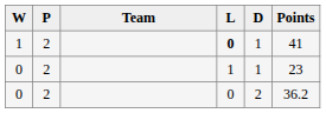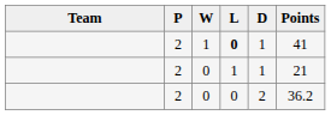 <table style=border-collapse:collapse border=1 cellspacing=0 cellpadding=5>
 <tr align=center bgcolor=#efefef>
+<th width=165>Team</th>
+<th width=20>P</th>
 <th width=20>W</th>
-<th width=20>P</th>
-<th width=165>Team</th>
 <th width=20>L</th>
 <th width=20>D</th>
 <th width=20>Points</th>
 </tr>
 <tr align=center style="background:#f5f5f5;">
+<td style="text-align:left;"></td>
+<td>2</td>
 <td>1</td>
-<td>2</td>
-<td style="text-align:left;"></td>
 <td><strong>0</strong></td>
 <td>1</td>
 <td>41</td>
 </tr>
 <tr align=center style="background:#f5f5f5;">
+<td style="text-align:left;"></td>
+<td>2</td>
 <td>0</td>
-<td>2</td>
-<td style="text-align:left;"></td>
 <td>1</td>
 <td>1</td>
-<td>23</td>
+<td>21</td>
 </tr>
 <tr align=center style="background:#f5f5f5;">
+<td style="text-align:left;"></td>
+<td>2</td>
 <td>0</td>
-<td>2</td>
-<td style="text-align:left;"></td>
 <td>0</td>
 <td>2</td>
 <td>36.2</td>
 </tr>
 </table>
